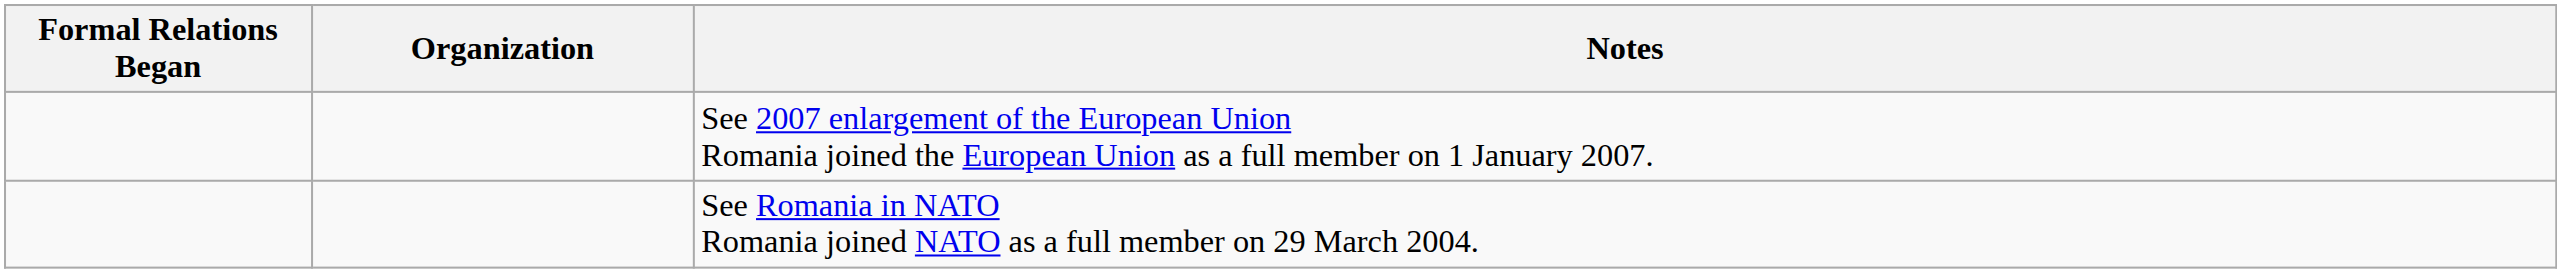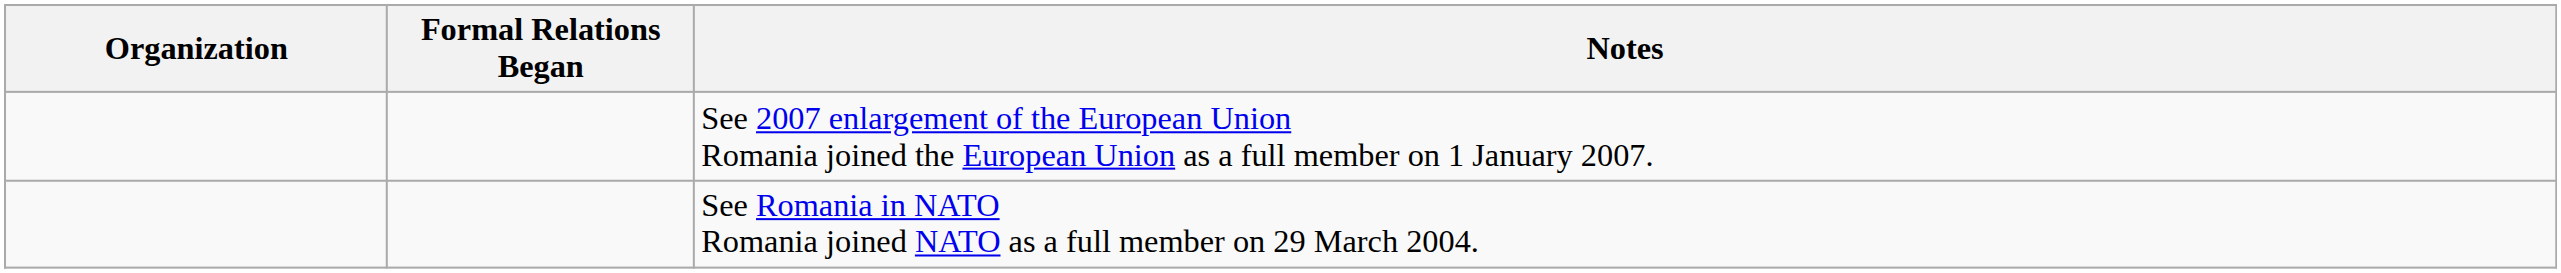 <table class="wikitable sortable" border="1" style="width:100%; margin:auto;">
 <tr>
+<th width="15%">Organization</th>
 <th width="12%">Formal Relations Began</th>
-<th width="15%">Organization</th>
 <th>Notes</th>
 </tr>
 <tr -valign="top">
 <td></td>
 <td></td>
 <td>See <a href='#'>2007 enlargement of the European Union</a><br>Romania joined the <a href='#'>European Union</a> as a full member on 1 January 2007.</td>
 </tr>
 <tr -valign="top">
 <td></td>
 <td></td>
 <td>See <a href='#'>Romania in NATO</a><br>Romania joined <a href='#'>NATO</a> as a full member on 29 March 2004.</td>
 </tr>
 </table>
